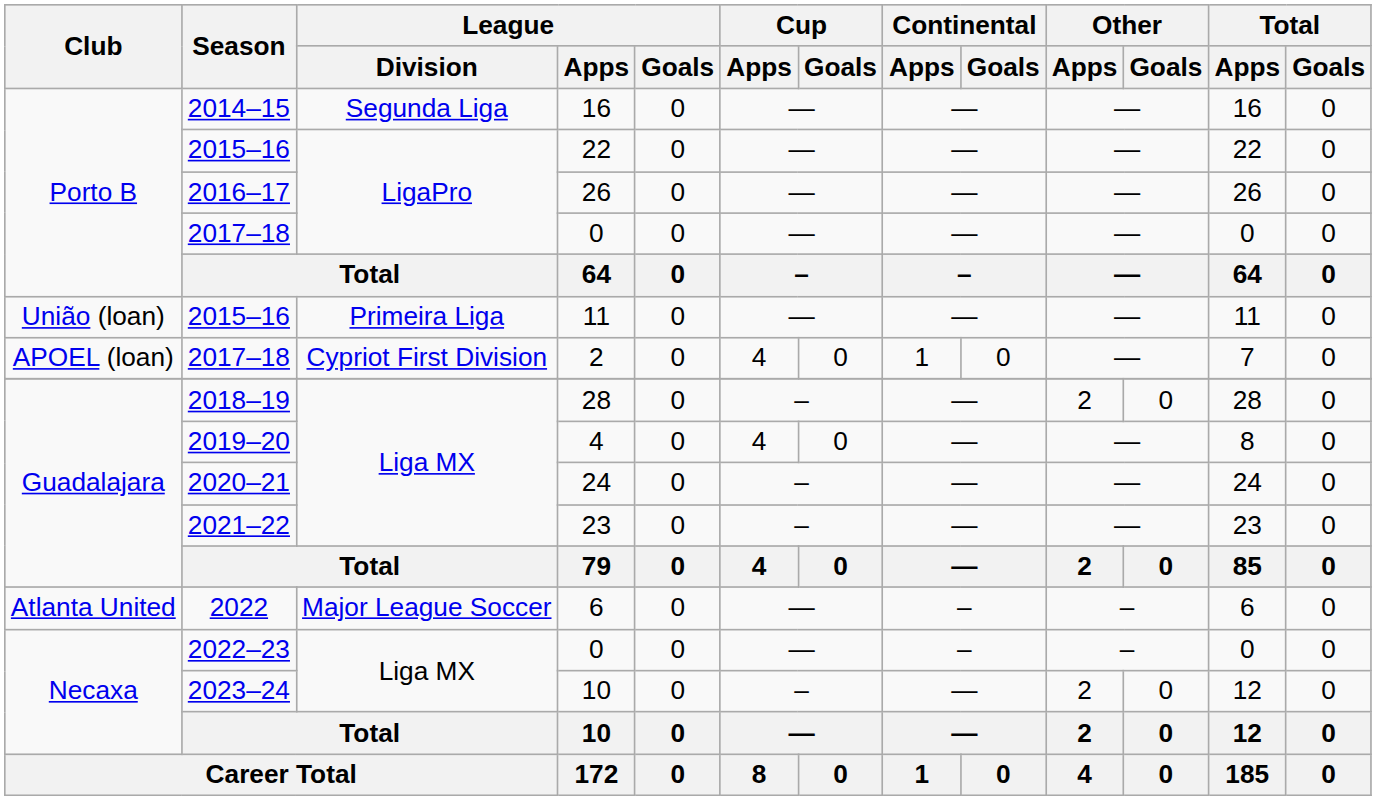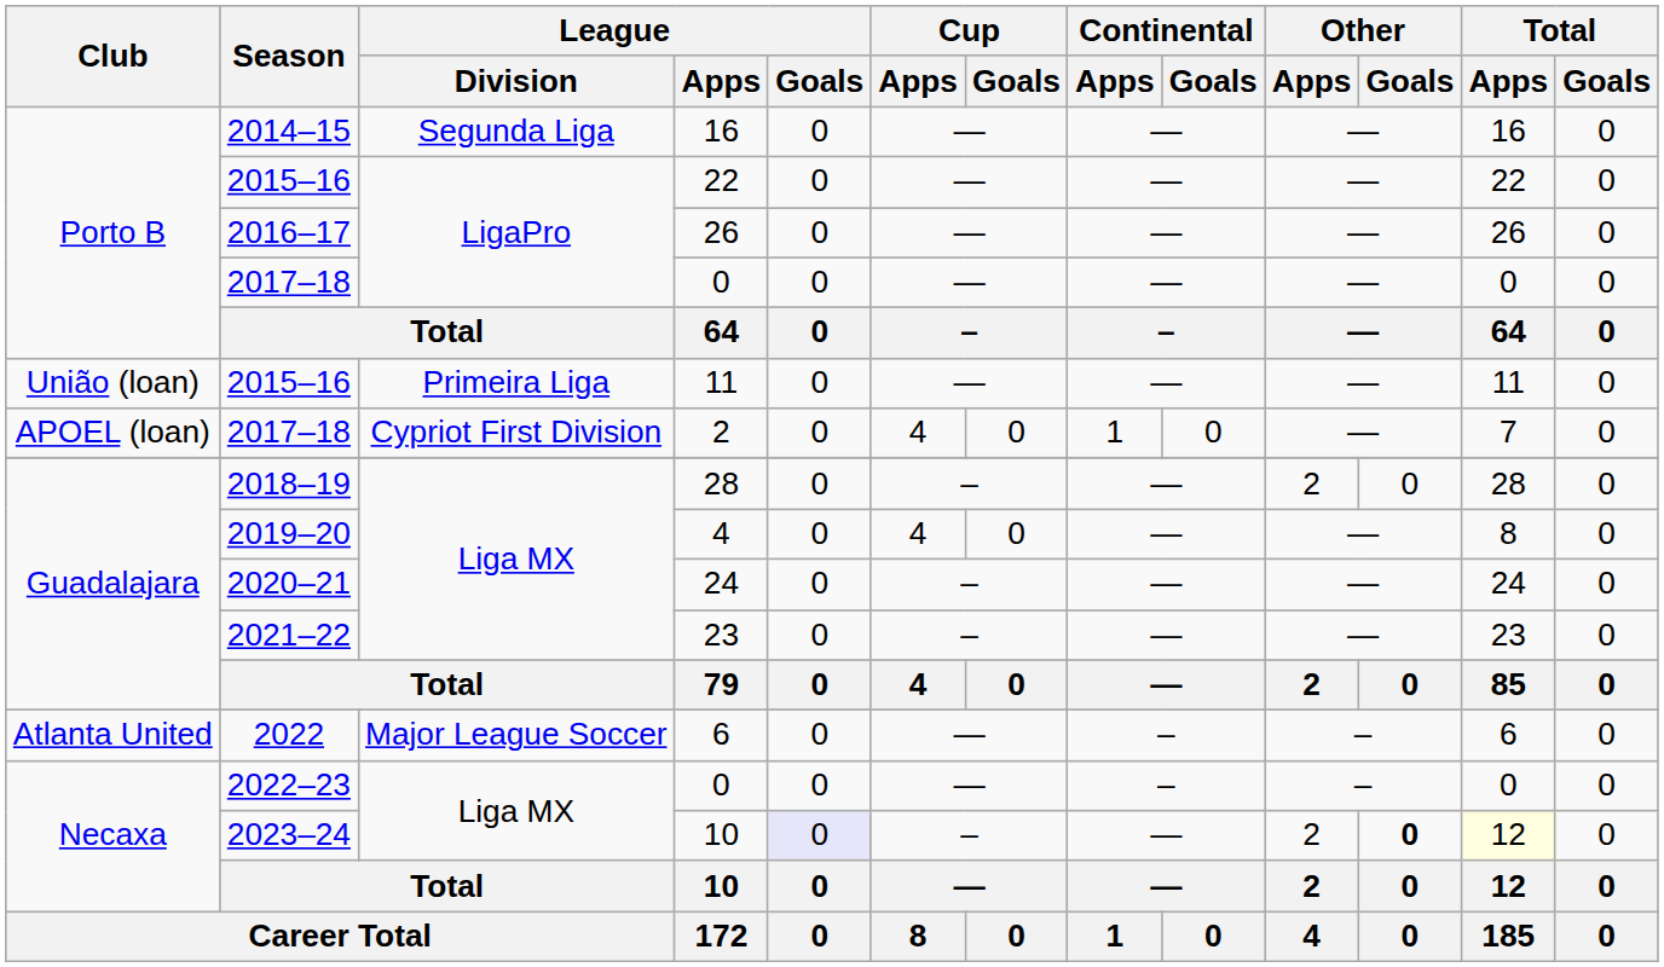 <table class="wikitable" style="text-align: center;">
 <tr>
 <th rowspan="2">Club</th>
 <th rowspan="2">Season</th>
 <th colspan="3">League</th>
 <th colspan="2">Cup</th>
 <th colspan="2">Continental</th>
 <th colspan="2">Other</th>
 <th colspan="2">Total</th>
 </tr>
 <tr>
 <th>Division</th>
 <th>Apps</th>
 <th>Goals</th>
 <th>Apps</th>
 <th>Goals</th>
 <th>Apps</th>
 <th>Goals</th>
 <th>Apps</th>
 <th>Goals</th>
 <th>Apps</th>
 <th>Goals</th>
 </tr>
 <tr>
 <td rowspan="5"><a href='#'>Porto B</a></td>
 <td><a href='#'>2014–15</a></td>
 <td><a href='#'>Segunda Liga</a></td>
 <td>16</td>
 <td>0</td>
 <td colspan=2>—</td>
 <td colspan=2>—</td>
 <td colspan=2>—</td>
 <td>16</td>
 <td>0</td>
 </tr>
 <tr>
 <td><a href='#'>2015–16</a></td>
 <td rowspan="3"><a href='#'>LigaPro</a></td>
 <td>22</td>
 <td>0</td>
 <td colspan=2>—</td>
 <td colspan=2>—</td>
 <td colspan=2>—</td>
 <td>22</td>
 <td>0</td>
 </tr>
 <tr>
 <td><a href='#'>2016–17</a></td>
 <td>26</td>
 <td>0</td>
 <td colspan=2>—</td>
 <td colspan=2>—</td>
 <td colspan=2>—</td>
 <td>26</td>
 <td>0</td>
 </tr>
 <tr>
 <td><a href='#'>2017–18</a></td>
 <td>0</td>
 <td>0</td>
 <td colspan=2>—</td>
 <td colspan=2>—</td>
 <td colspan=2>—</td>
 <td>0</td>
 <td>0</td>
 </tr>
 <tr>
 <th colspan="2">Total</th>
 <th>64</th>
 <th>0</th>
 <th colspan=2>–</th>
 <th colspan=2>–</th>
 <th colspan=2>—</th>
 <th>64</th>
 <th>0</th>
 </tr>
 <tr>
 <td><a href='#'>União</a> (loan)</td>
 <td><a href='#'>2015–16</a></td>
 <td><a href='#'>Primeira Liga</a></td>
 <td>11</td>
 <td>0</td>
 <td colspan=2>—</td>
 <td colspan=2>—</td>
 <td colspan=2>—</td>
 <td>11</td>
 <td>0</td>
 </tr>
 <tr>
 <td><a href='#'>APOEL</a> (loan)</td>
 <td><a href='#'>2017–18</a></td>
 <td><a href='#'>Cypriot First Division</a></td>
 <td>2</td>
 <td>0</td>
 <td>4</td>
 <td>0</td>
 <td>1</td>
 <td>0</td>
 <td colspan=2>—</td>
 <td>7</td>
 <td>0</td>
 </tr>
 <tr>
 </tr>
 <tr>
 <td rowspan="5"><a href='#'>Guadalajara</a></td>
 <td><a href='#'>2018–19</a></td>
 <td rowspan="4"><a href='#'>Liga MX</a></td>
 <td>28</td>
 <td>0</td>
 <td colspan=2>–</td>
 <td colspan=2>—</td>
 <td>2</td>
 <td>0</td>
 <td>28</td>
 <td>0</td>
 </tr>
 <tr>
 <td><a href='#'>2019–20</a></td>
 <td>4</td>
 <td>0</td>
 <td>4</td>
 <td>0</td>
 <td colspan=2>—</td>
 <td colspan=2>—</td>
 <td>8</td>
 <td>0</td>
 </tr>
 <tr>
 <td><a href='#'>2020–21</a></td>
 <td>24</td>
 <td>0</td>
 <td colspan=2>–</td>
 <td colspan=2>—</td>
 <td colspan=2>—</td>
 <td>24</td>
 <td>0</td>
 </tr>
 <tr>
 <td><a href='#'>2021–22</a></td>
 <td>23</td>
 <td>0</td>
 <td colspan=2>–</td>
 <td colspan=2>—</td>
 <td colspan=2>—</td>
 <td>23</td>
 <td>0</td>
 </tr>
 <tr>
 <th colspan="2">Total</th>
 <th>79</th>
 <th>0</th>
 <th>4</th>
 <th>0</th>
 <th colspan=2>—</th>
 <th>2</th>
 <th>0</th>
 <th>85</th>
 <th>0</th>
 </tr>
 <tr>
 <td><a href='#'>Atlanta United</a></td>
 <td><a href='#'>2022</a></td>
 <td><a href='#'>Major League Soccer</a></td>
 <td>6</td>
 <td>0</td>
 <td colspan=2>—</td>
 <td colspan=2>–</td>
 <td colspan=2>–</td>
 <td>6</td>
 <td>0</td>
 </tr>
 <tr>
 <td rowspan="3"><a href='#'>Necaxa</a></td>
 <td><a href='#'>2022–23</a></td>
 <td rowspan="2">Liga MX</td>
 <td>0</td>
 <td>0</td>
 <td colspan=2>—</td>
 <td colspan=2>–</td>
 <td colspan=2>–</td>
 <td>0</td>
 <td>0</td>
 </tr>
 <tr>
 <td><a href='#'>2023–24</a></td>
 <td>10</td>
-<td>0</td>
+<td style="background: lavender;">0</td>
 <td colspan=2>–</td>
 <td colspan=2>—</td>
 <td>2</td>
-<td>0</td>
-<td>12</td>
+<td><strong>0</strong></td>
+<td style="background: lightyellow;">12</td>
 <td>0</td>
 </tr>
 <tr>
 <th colspan="2">Total</th>
 <th>10</th>
 <th>0</th>
 <th colspan=2>—</th>
 <th colspan=2>—</th>
 <th>2</th>
 <th>0</th>
 <th>12</th>
 <th>0</th>
 </tr>
 <tr>
 <th colspan="3">Career Total</th>
 <th>172</th>
 <th>0</th>
 <th>8</th>
 <th>0</th>
 <th>1</th>
 <th>0</th>
 <th>4</th>
 <th>0</th>
 <th>185</th>
 <th>0</th>
 </tr>
 </table>
